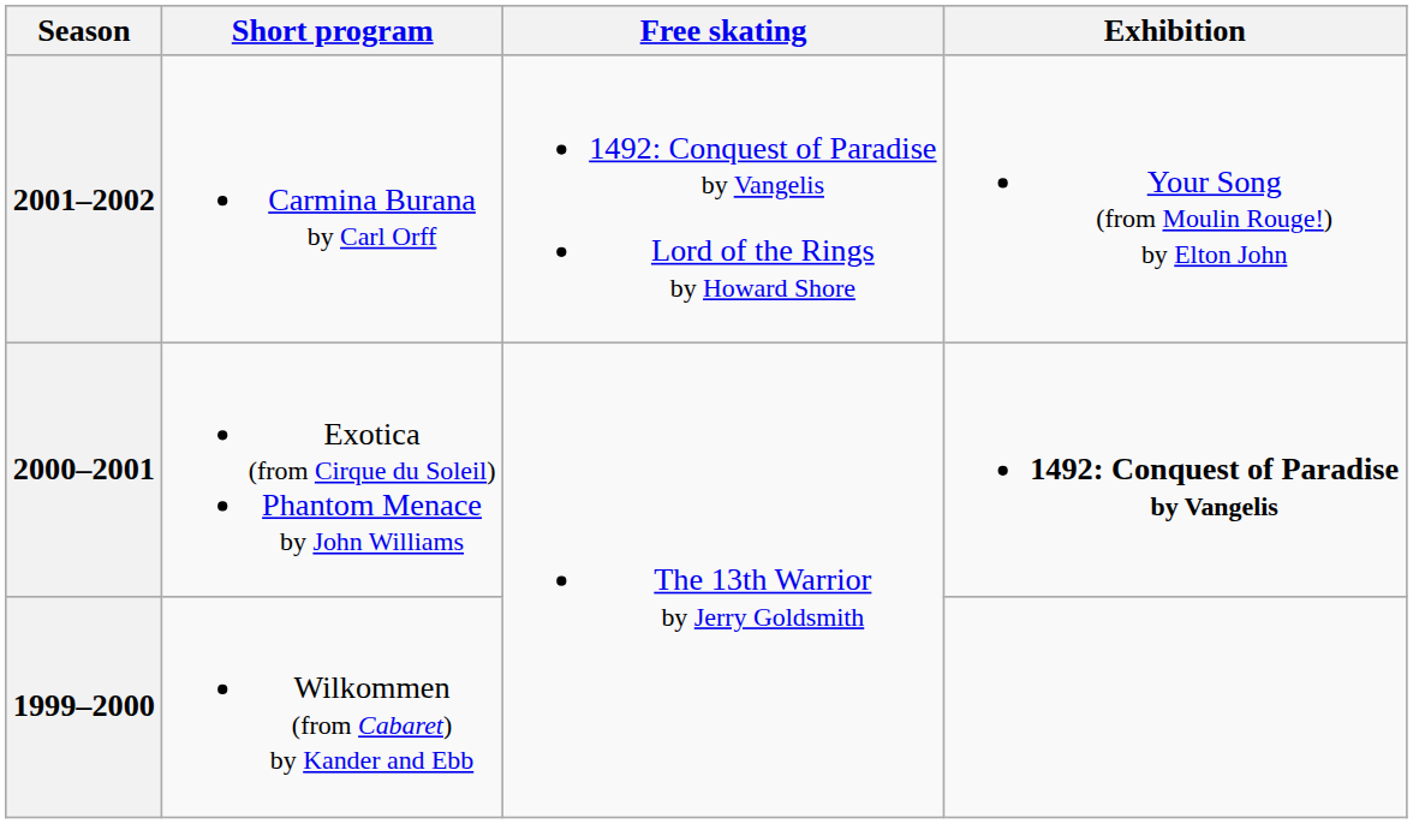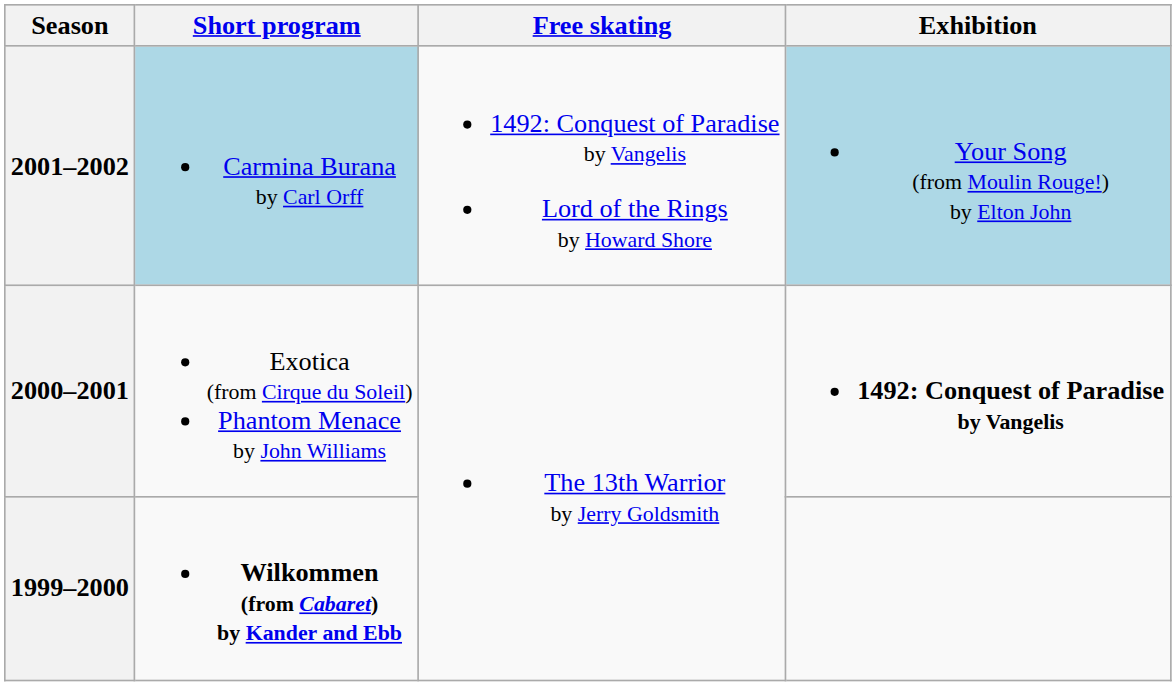 <table class="wikitable" style="text-align:center">
 <tr>
 <th>Season</th>
 <th><a href='#'>Short program</a></th>
 <th><a href='#'>Free skating</a></th>
 <th>Exhibition</th>
 </tr>
 <tr>
 <th>2001–2002 <br> </th>
-<td><br><ul><li><a href='#'>Carmina Burana</a> <br><small> by <a href='#'>Carl Orff</a> </small></li></ul></td>
+<td style="background: lightblue;"><br><ul><li><a href='#'>Carmina Burana</a> <br><small> by <a href='#'>Carl Orff</a> </small></li></ul></td>
 <td><br><ul><li><a href='#'>1492: Conquest of Paradise</a> <br><small> by <a href='#'>Vangelis</a> </small></li></ul><ul><li><a href='#'>Lord of the Rings</a> <br><small> by <a href='#'>Howard Shore</a> </small></li></ul></td>
-<td><br><ul><li><a href='#'>Your Song</a> <br><small> (from <a href='#'>Moulin Rouge!</a>) <br> by <a href='#'>Elton John</a> </small></li></ul></td>
+<td style="background: lightblue;"><br><ul><li><a href='#'>Your Song</a> <br><small> (from <a href='#'>Moulin Rouge!</a>) <br> by <a href='#'>Elton John</a> </small></li></ul></td>
 </tr>
 <tr>
 <th>2000–2001 <br> </th>
 <td><br><ul><li>Exotica <br><small> (from <a href='#'>Cirque du Soleil</a>) </small></li><li><a href='#'>Phantom Menace</a> <br><small> by <a href='#'>John Williams</a> </small></li></ul></td>
 <td rowspan=2><br><ul><li><a href='#'>The 13th Warrior</a> <br><small> by <a href='#'>Jerry Goldsmith</a> </small></li></ul></td>
 <td><strong><br><ul><li>1492: Conquest of Paradise <br><small> by Vangelis </small></li></ul></strong></td>
 </tr>
 <tr>
 <th>1999–2000</th>
-<td><br><ul><li>Wilkommen <br><small> (from <em><a href='#'>Cabaret</a></em>) <br> by <a href='#'>Kander and Ebb</a> </small></li></ul></td>
+<td><strong><br><ul><li>Wilkommen <br><small> (from <em><a href='#'>Cabaret</a></em>) <br> by <a href='#'>Kander and Ebb</a> </small></li></ul></strong></td>
 <td></td>
 </tr>
 </table>
